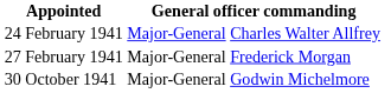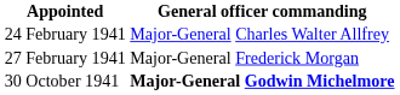 <table>
 <tr>
 <th>Appointed</th>
 <th>General officer commanding</th>
 </tr>
 <tr>
 <td>24 February 1941</td>
 <td><a href='#'>Major-General</a> <a href='#'>Charles Walter Allfrey</a></td>
 </tr>
 <tr>
 <td>27 February 1941</td>
 <td>Major-General <a href='#'>Frederick Morgan</a></td>
 </tr>
 <tr>
 <td>30 October 1941</td>
-<td>Major-General <a href='#'>Godwin Michelmore</a></td>
+<td><strong>Major-General <a href='#'>Godwin Michelmore</a></strong></td>
 </tr>
 </table>
